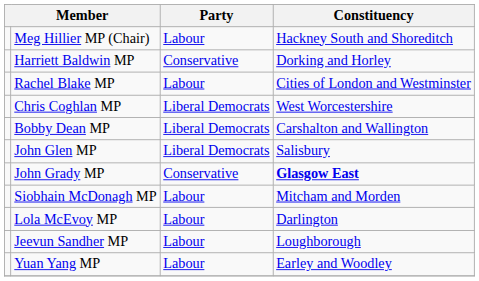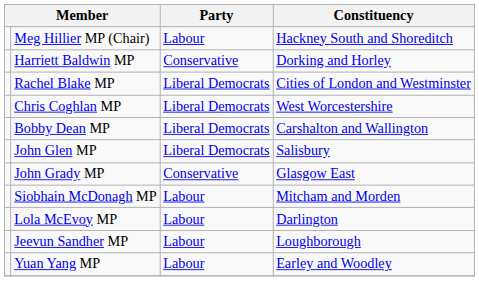 <table class="wikitable">
 <tr>
 <th colspan="2" valign="top">Member</th>
 <th valign="top">Party</th>
 <th valign="top">Constituency</th>
 </tr>
 <tr>
 <td style="color:inherit;background:"></td>
 <td><a href='#'>Meg Hillier</a> MP (Chair)</td>
 <td><a href='#'>Labour</a></td>
 <td><a href='#'>Hackney South and Shoreditch</a></td>
 </tr>
 <tr>
 <td style="color:inherit;background:"></td>
 <td><a href='#'>Harriett Baldwin</a> MP</td>
 <td><a href='#'>Conservative</a></td>
 <td><a href='#'>Dorking and Horley</a></td>
 </tr>
 <tr>
 <td style="color:inherit;background:"></td>
 <td><a href='#'>Rachel Blake</a> MP</td>
-<td><a href='#'>Labour</a></td>
+<td><a href='#'>Liberal Democrats</a></td>
 <td><a href='#'>Cities of London and Westminster</a></td>
 </tr>
 <tr>
 <td style="color:inherit;background:"></td>
 <td><a href='#'>Chris Coghlan</a> MP</td>
 <td><a href='#'>Liberal Democrats</a></td>
 <td><a href='#'>West Worcestershire</a></td>
 </tr>
 <tr>
 <td style="color:inherit;background:"></td>
 <td><a href='#'>Bobby Dean</a> MP</td>
 <td><a href='#'>Liberal Democrats</a></td>
 <td><a href='#'>Carshalton and Wallington</a></td>
 </tr>
 <tr>
 <td style="color:inherit;background:"></td>
 <td><a href='#'>John Glen</a> MP</td>
 <td><a href='#'>Liberal Democrats</a></td>
 <td><a href='#'>Salisbury</a></td>
 </tr>
 <tr>
 <td style="color:inherit;background:"></td>
 <td><a href='#'>John Grady</a> MP</td>
 <td><a href='#'>Conservative</a></td>
-<td><strong><a href='#'>Glasgow East</a></strong></td>
+<td><a href='#'>Glasgow East</a></td>
 </tr>
 <tr>
 <td style="color:inherit;background:"></td>
 <td><a href='#'>Siobhain McDonagh</a> MP</td>
 <td><a href='#'>Labour</a></td>
 <td><a href='#'>Mitcham and Morden</a></td>
 </tr>
 <tr>
 <td style="color:inherit;background:"></td>
 <td><a href='#'>Lola McEvoy</a> MP</td>
 <td><a href='#'>Labour</a></td>
 <td><a href='#'>Darlington</a></td>
 </tr>
 <tr>
 <td style="color:inherit;background:"></td>
 <td><a href='#'>Jeevun Sandher</a> MP</td>
 <td><a href='#'>Labour</a></td>
 <td><a href='#'>Loughborough</a></td>
 </tr>
 <tr>
 <td style="color:inherit;background:"></td>
 <td><a href='#'>Yuan Yang</a> MP</td>
 <td><a href='#'>Labour</a></td>
 <td><a href='#'>Earley and Woodley</a></td>
 </tr>
 <tr>
 </tr>
 </table>
